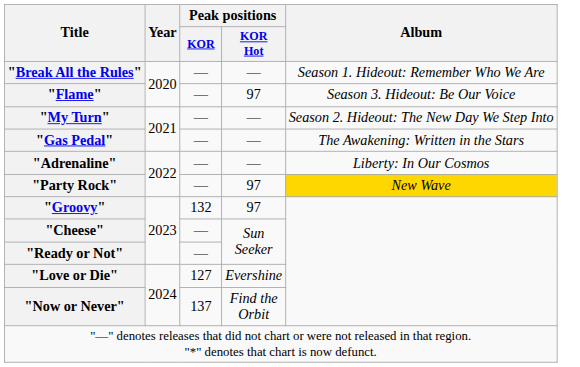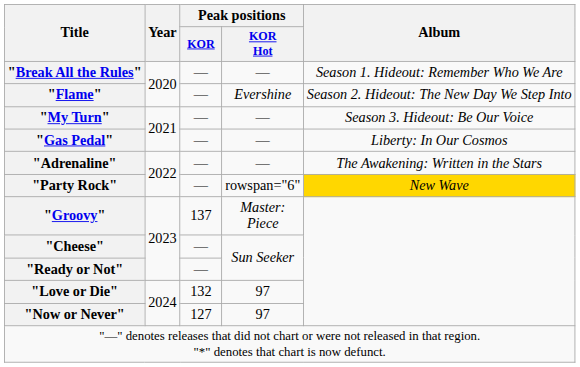 <table class="wikitable plainrowheaders" style="text-align:center">
 <tr>
 <th scope="col" rowspan="2">Title</th>
 <th scope="col" rowspan="2">Year</th>
 <th scope="col" colspan="2">Peak positions</th>
 <th scope="col" rowspan="2">Album</th>
 </tr>
 <tr>
 <th scope="col" style="width:3em;font-size:85%"><a href='#'>KOR</a><br></th>
 <th scope="col" style="width:3em;font-size:85%"><a href='#'>KOR<br>Hot</a><br></th>
 </tr>
 <tr>
 <th scope="row">"<a href='#'>Break All the Rules</a>"</th>
 <td rowspan="2">2020</td>
 <td>—</td>
 <td>—</td>
 <td><em>Season 1. Hideout: Remember Who We Are</em></td>
 </tr>
 <tr>
 <th scope="row">"<a href='#'>Flame</a>"</th>
 <td>—</td>
-<td>97</td>
-<td><em>Season 3. Hideout: Be Our Voice</em></td>
+<td><em>Evershine</em></td>
+<td><em>Season 2. Hideout: The New Day We Step Into</em></td>
 </tr>
 <tr>
 <th scope="row">"<a href='#'>My Turn</a>"</th>
 <td rowspan="2">2021</td>
 <td>—</td>
 <td>—</td>
-<td><em>Season 2. Hideout: The New Day We Step Into</em></td>
+<td><em>Season 3. Hideout: Be Our Voice</em></td>
 </tr>
 <tr>
 <th scope="row">"<a href='#'>Gas Pedal</a>"</th>
 <td>—</td>
 <td>—</td>
-<td><em>The Awakening: Written in the Stars</em></td>
+<td><em>Liberty: In Our Cosmos</em></td>
 </tr>
 <tr>
 <th scope="row">"Adrenaline"</th>
 <td rowspan="2">2022</td>
 <td>—</td>
 <td>—</td>
-<td><em>Liberty: In Our Cosmos</em></td>
+<td><em>The Awakening: Written in the Stars</em></td>
 </tr>
 <tr>
 <th scope="row">"Party Rock"</th>
 <td>—</td>
-<td>97</td>
+<td>rowspan="6" </td>
 <td style="background: gold;"><em>New Wave</em></td>
 </tr>
 <tr>
 <th scope="row">"<a href='#'>Groovy</a>"</th>
 <td rowspan="3">2023</td>
-<td>132</td>
-<td>97</td>
+<td>137</td>
+<td><em>Master: Piece</em></td>
 </tr>
 <tr>
 <th scope="row">"Cheese"</th>
 <td>—</td>
 <td rowspan="2"><em>Sun Seeker</em></td>
 </tr>
 <tr>
 <th scope="row">"Ready or Not"</th>
 <td>—</td>
 </tr>
 <tr>
 <th scope="row">"Love or Die"</th>
 <td rowspan="2">2024</td>
-<td>127</td>
-<td><em>Evershine</em></td>
+<td>132</td>
+<td>97</td>
 </tr>
 <tr>
 <th scope="row">"Now or Never"</th>
-<td>137</td>
-<td><em>Find the Orbit</em></td>
+<td>127</td>
+<td>97</td>
 </tr>
 <tr>
 <td colspan="5" style="font-size:90%">"—" denotes releases that did not chart or were not released in that region.<br>"*" denotes that chart is now defunct.</td>
 </tr>
 </table>
